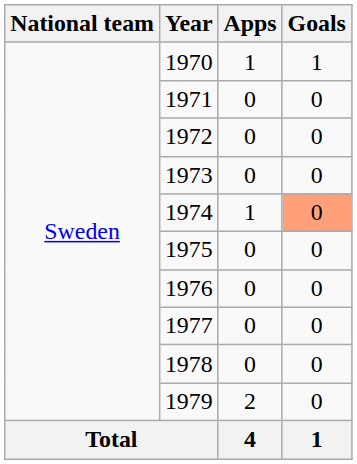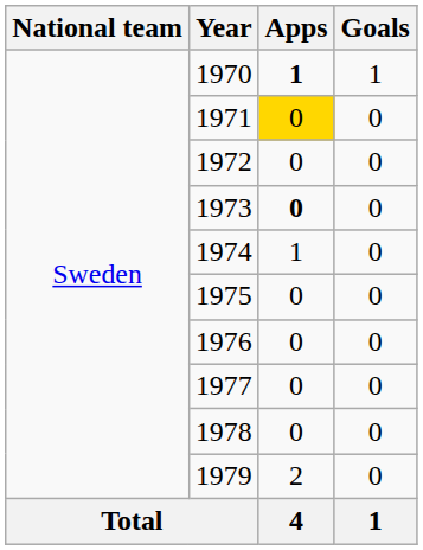 <table class="wikitable" style="text-align:center">
 <tr>
 <th>National team</th>
 <th>Year</th>
 <th>Apps</th>
 <th>Goals</th>
 </tr>
 <tr>
 <td rowspan="10"><a href='#'>Sweden</a></td>
 <td>1970</td>
-<td>1</td>
+<td><strong>1</strong></td>
 <td>1</td>
 </tr>
 <tr>
 <td>1971</td>
-<td>0</td>
+<td style="background: gold;">0</td>
 <td>0</td>
 </tr>
 <tr>
 <td>1972</td>
 <td>0</td>
 <td>0</td>
 </tr>
 <tr>
 <td>1973</td>
-<td>0</td>
+<td><strong>0</strong></td>
 <td>0</td>
 </tr>
 <tr>
 <td>1974</td>
 <td>1</td>
-<td style="background: lightsalmon;">0</td>
+<td>0</td>
 </tr>
 <tr>
 <td>1975</td>
 <td>0</td>
 <td>0</td>
 </tr>
 <tr>
 <td>1976</td>
 <td>0</td>
 <td>0</td>
 </tr>
 <tr>
 <td>1977</td>
 <td>0</td>
 <td>0</td>
 </tr>
 <tr>
 <td>1978</td>
 <td>0</td>
 <td>0</td>
 </tr>
 <tr>
 <td>1979</td>
 <td>2</td>
 <td>0</td>
 </tr>
 <tr>
 <th colspan="2">Total</th>
 <th>4</th>
 <th>1</th>
 </tr>
 </table>
